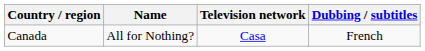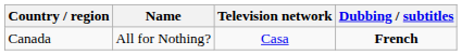 <table class="wikitable" style="text-align:center;">
 <tr>
 <th>Country / region</th>
 <th>Name</th>
 <th>Television network</th>
 <th><a href='#'>Dubbing</a> / <a href='#'>subtitles</a></th>
 </tr>
 <tr>
 <td align="left">Canada</td>
 <td>All for Nothing?</td>
 <td><a href='#'>Casa</a></td>
-<td>French</td>
+<td><strong>French</strong></td>
 </tr>
 </table>
